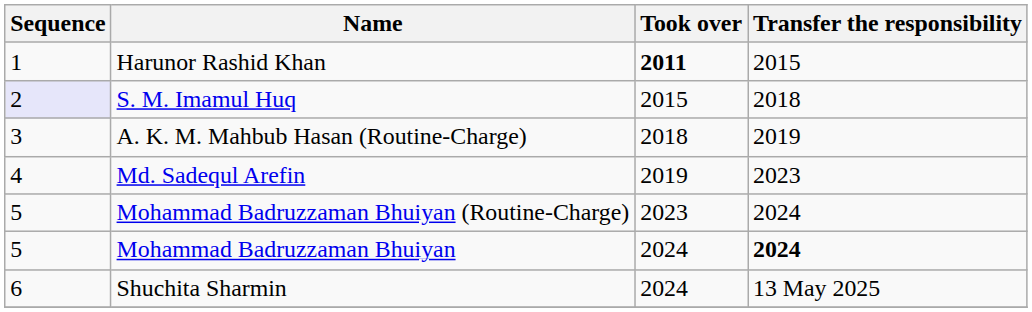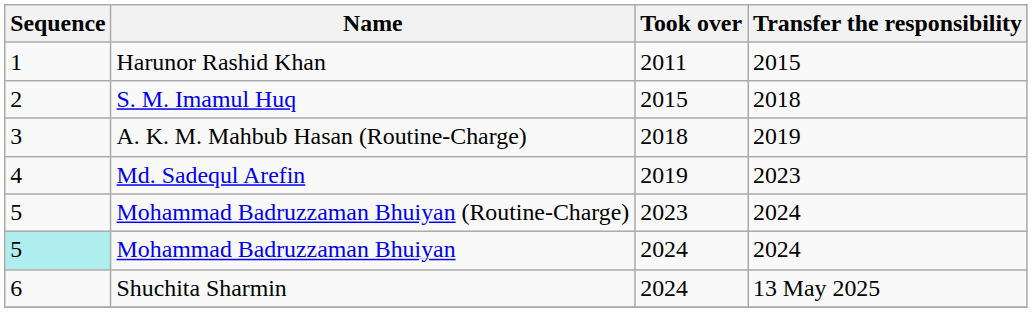 <table class="wikitable sortable">
 <tr>
 <th>Sequence</th>
 <th>Name</th>
 <th>Took over</th>
 <th>Transfer the responsibility</th>
 </tr>
 <tr>
 <td>1</td>
 <td>Harunor Rashid Khan</td>
-<td><strong>2011</strong></td>
+<td>2011</td>
 <td>2015</td>
 </tr>
 <tr>
-<td style="background: lavender;">2</td>
+<td>2</td>
 <td><a href='#'>S. M. Imamul Huq</a></td>
 <td>2015</td>
 <td>2018</td>
 </tr>
 <tr>
 <td>3</td>
 <td>A. K. M. Mahbub Hasan (Routine-Charge)</td>
 <td>2018</td>
 <td>2019</td>
 </tr>
 <tr>
 <td>4</td>
 <td><a href='#'>Md. Sadequl Arefin</a></td>
 <td>2019</td>
 <td>2023</td>
 </tr>
 <tr>
 <td>5</td>
 <td><a href='#'>Mohammad Badruzzaman Bhuiyan</a> (Routine-Charge)</td>
 <td>2023</td>
 <td>2024</td>
 </tr>
 <tr>
-<td>5</td>
+<td style="background: paleturquoise;">5</td>
 <td><a href='#'>Mohammad Badruzzaman Bhuiyan</a></td>
 <td>2024</td>
-<td><strong>2024</strong></td>
+<td>2024</td>
 </tr>
 <tr>
 <td>6</td>
 <td>Shuchita Sharmin</td>
 <td>2024</td>
 <td>13 May 2025</td>
 </tr>
 <tr>
 </tr>
 </table>
